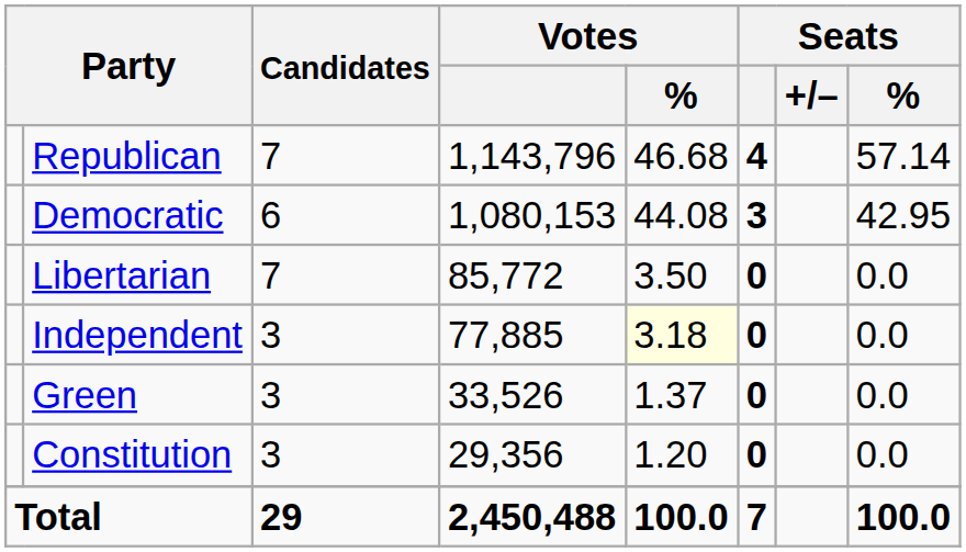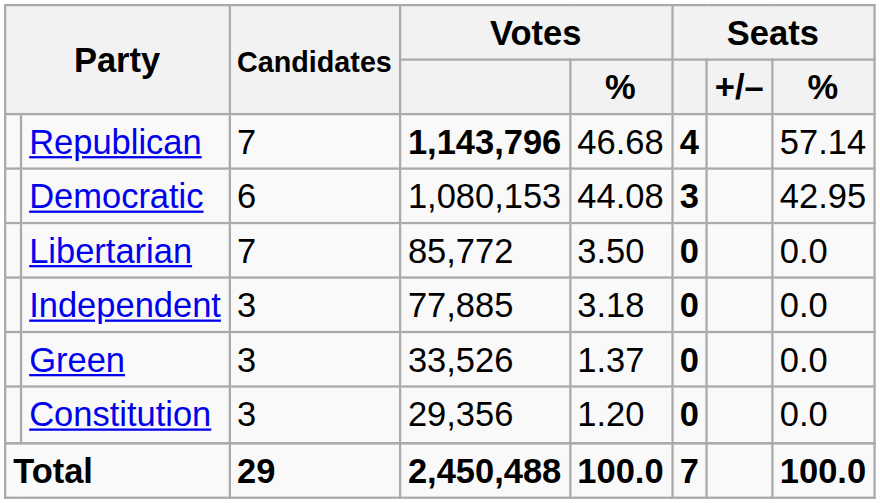 <table class="wikitable" style="font-size: 95%;">
 <tr>
 <th colspan="2" rowspan="2">Party</th>
 <th rowspan="2"><small>Candi</small><small>dates</small></th>
 <th colspan="2">Votes</th>
 <th colspan="3">Seats</th>
 </tr>
 <tr>
 <th></th>
 <th>%</th>
 <th></th>
 <th>+/–</th>
 <th>%</th>
 </tr>
 <tr>
 <td style="background:"></td>
 <td align="left"><a href='#'>Republican</a></td>
 <td>7</td>
-<td>1,143,796</td>
+<td><strong>1,143,796</strong></td>
 <td>46.68</td>
 <td><strong>4</strong></td>
 <td></td>
 <td>57.14</td>
 </tr>
 <tr>
 <td style="background:"></td>
 <td align="left"><a href='#'>Democratic</a></td>
 <td>6</td>
 <td>1,080,153</td>
 <td>44.08</td>
 <td><strong>3</strong></td>
 <td></td>
 <td>42.95</td>
 </tr>
 <tr>
 <td style="background:"></td>
 <td align="left"><a href='#'>Libertarian</a></td>
 <td>7</td>
 <td>85,772</td>
 <td>3.50</td>
 <td><strong>0</strong></td>
 <td></td>
 <td>0.0</td>
 </tr>
 <tr>
 <td style="background:"></td>
 <td align="left"><a href='#'>Independent</a></td>
 <td>3</td>
 <td>77,885</td>
-<td style="background: lightyellow;">3.18</td>
+<td>3.18</td>
 <td><strong>0</strong></td>
 <td></td>
 <td>0.0</td>
 </tr>
 <tr>
 <td style="background:"></td>
 <td align="left"><a href='#'>Green</a></td>
 <td>3</td>
 <td>33,526</td>
 <td>1.37</td>
 <td><strong>0</strong></td>
 <td></td>
 <td>0.0</td>
 </tr>
 <tr>
 <td style="background:"></td>
 <td align="left"><a href='#'>Constitution</a></td>
 <td>3</td>
 <td>29,356</td>
 <td>1.20</td>
 <td><strong>0</strong></td>
 <td></td>
 <td>0.0</td>
 </tr>
 <tr>
 </tr>
 <tr style="font-weight:bold">
 <td colspan="2" align="left">Total</td>
 <td>29</td>
 <td>2,450,488</td>
 <td>100.0</td>
 <td>7</td>
 <td></td>
 <td>100.0</td>
 </tr>
 </table>
